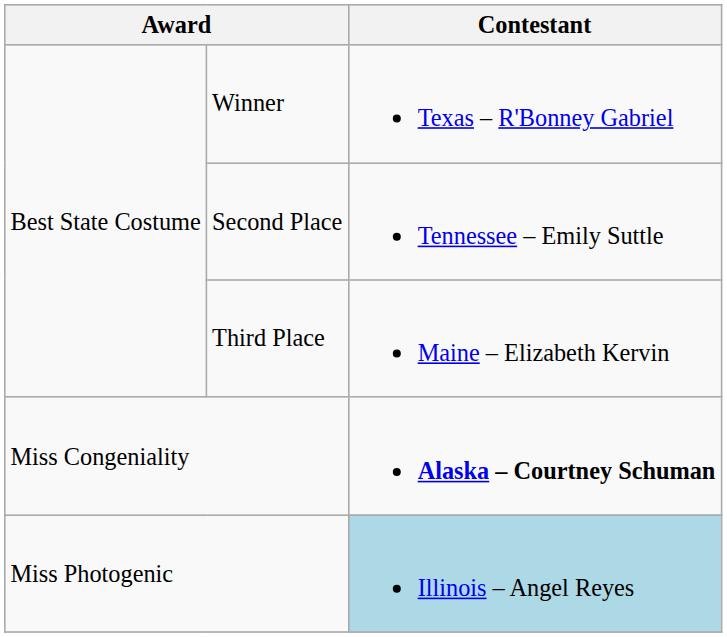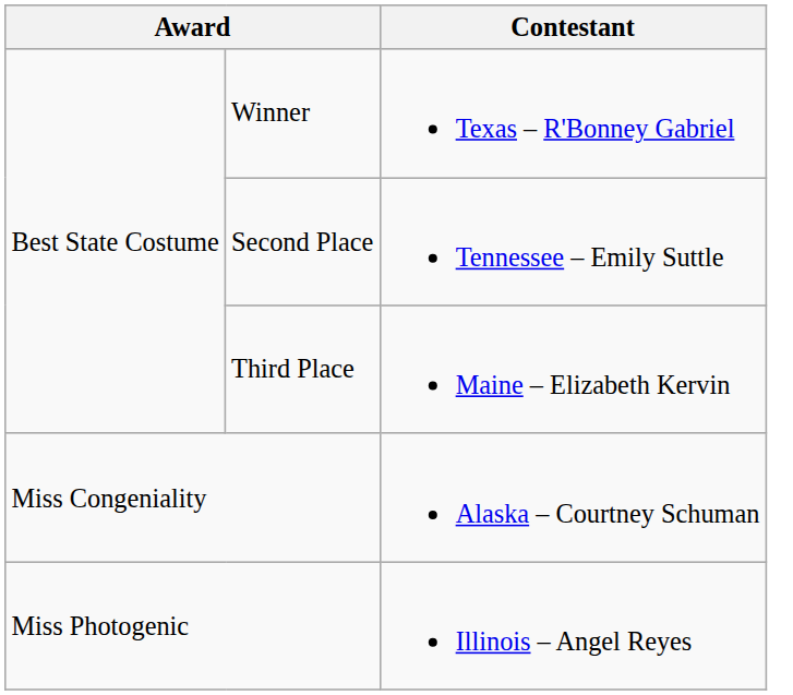 <table class="wikitable sortable unsortable" style="font-size: 95%;">
 <tr>
 <th colspan="2">Award</th>
 <th>Contestant</th>
 </tr>
 <tr>
 <td rowspan="3">Best State Costume</td>
 <td>Winner</td>
 <td><br><ul><li><a href='#'>Texas</a> – <a href='#'>R'Bonney Gabriel</a></li></ul></td>
 </tr>
 <tr>
 <td>Second Place</td>
 <td><br><ul><li><a href='#'>Tennessee</a> – Emily Suttle</li></ul></td>
 </tr>
 <tr>
 <td>Third Place</td>
 <td><br><ul><li><a href='#'>Maine</a> – Elizabeth Kervin</li></ul></td>
 </tr>
 <tr>
 <td colspan="2">Miss Congeniality</td>
-<td><strong><br><ul><li><a href='#'>Alaska</a> – Courtney Schuman</li></ul></strong></td>
+<td><br><ul><li><a href='#'>Alaska</a> – Courtney Schuman</li></ul></td>
 </tr>
 <tr>
 <td colspan="2">Miss Photogenic</td>
-<td style="background: lightblue;"><br><ul><li><a href='#'>Illinois</a> – Angel Reyes</li></ul></td>
+<td><br><ul><li><a href='#'>Illinois</a> – Angel Reyes</li></ul></td>
 </tr>
 </table>
